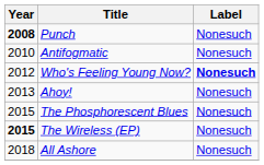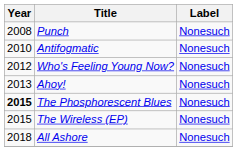 <table class="wikitable">
 <tr>
 <th>Year</th>
 <th>Title</th>
 <th>Label</th>
 </tr>
 <tr>
-<td style="text-align:center;"><strong>2008</strong></td>
+<td style="text-align:center;">2008</td>
 <td align="left"><em><a href='#'>Punch</a></em></td>
 <td align="left"><a href='#'>Nonesuch</a></td>
 </tr>
 <tr>
 <td style="text-align:center;">2010</td>
 <td align="left"><em><a href='#'>Antifogmatic</a></em></td>
 <td align="left"><a href='#'>Nonesuch</a></td>
 </tr>
 <tr>
 <td style="text-align:center;">2012</td>
 <td align="left"><em><a href='#'>Who's Feeling Young Now?</a></em></td>
-<td align="left"><strong><a href='#'>Nonesuch</a></strong></td>
+<td align="left"><a href='#'>Nonesuch</a></td>
 </tr>
 <tr>
 <td style="text-align:center;">2013</td>
 <td align="left"><em><a href='#'>Ahoy!</a></em></td>
 <td align="left"><a href='#'>Nonesuch</a></td>
 </tr>
 <tr>
-<td style="text-align:center;">2015</td>
+<td style="text-align:center;"><strong>2015</strong></td>
 <td align="left"><em><a href='#'>The Phosphorescent Blues</a></em></td>
 <td align="left"><a href='#'>Nonesuch</a></td>
 </tr>
 <tr>
-<td style="text-align:center;"><strong>2015</strong></td>
+<td style="text-align:center;">2015</td>
 <td align="left"><em><a href='#'>The Wireless (EP)</a></em></td>
 <td align="left"><a href='#'>Nonesuch</a></td>
 </tr>
 <tr>
 <td style="text-align:center;">2018</td>
 <td align="left"><em><a href='#'>All Ashore</a></em></td>
 <td align="left"><a href='#'>Nonesuch</a></td>
 </tr>
 <tr>
 </tr>
 </table>
